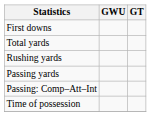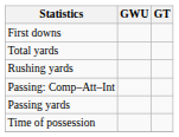 <table class="wikitable" style="float: left;">
 <tr>
 <th>Statistics</th>
 <th>GWU</th>
 <th>GT</th>
 </tr>
 <tr>
 <td>First downs</td>
 <td></td>
 <td></td>
 </tr>
 <tr>
 <td>Total yards</td>
 <td></td>
 <td></td>
 </tr>
 <tr>
 <td>Rushing yards</td>
 <td></td>
 <td></td>
 </tr>
 <tr>
-<td>Passing yards</td>
+<td>Passing: Comp–Att–Int</td>
 <td></td>
 <td></td>
 </tr>
 <tr>
-<td>Passing: Comp–Att–Int</td>
+<td>Passing yards</td>
 <td></td>
 <td></td>
 </tr>
 <tr>
 <td>Time of possession</td>
 <td></td>
 <td></td>
 </tr>
 <tr>
 </tr>
 </table>
